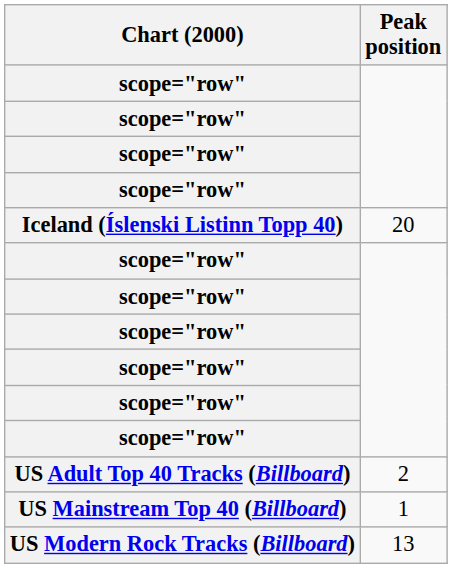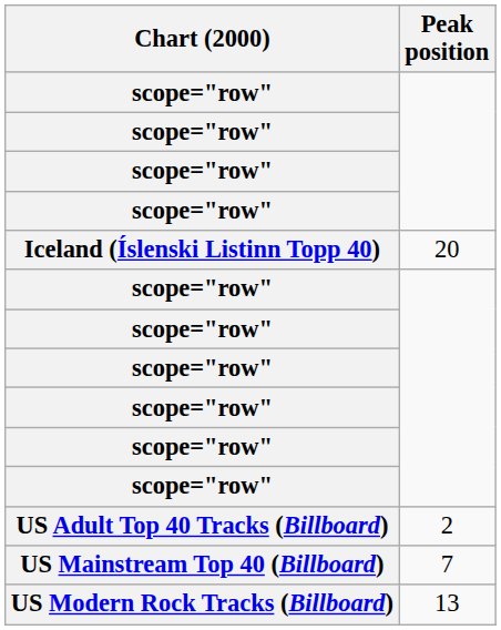 <table class="wikitable sortable plainrowheaders" style="text-align:center">
 <tr>
 <th scope="col">Chart (2000)</th>
 <th scope="col">Peak<br>position</th>
 </tr>
 <tr>
 <th>scope="row"</th>
 </tr>
 <tr>
 <th>scope="row"</th>
 </tr>
 <tr>
 <th>scope="row"</th>
 </tr>
 <tr>
 <th>scope="row"</th>
 </tr>
 <tr>
 <th scope="row">Iceland (<a href='#'>Íslenski Listinn Topp 40</a>)</th>
 <td>20</td>
 </tr>
 <tr>
 <th>scope="row"</th>
 </tr>
 <tr>
 <th>scope="row"</th>
 </tr>
 <tr>
 <th>scope="row"</th>
 </tr>
 <tr>
 <th>scope="row"</th>
 </tr>
 <tr>
 <th>scope="row"</th>
 </tr>
 <tr>
 <th>scope="row"</th>
 </tr>
 <tr>
 <th scope="row">US <a href='#'>Adult Top 40 Tracks</a> (<em><a href='#'>Billboard</a></em>)</th>
 <td>2</td>
 </tr>
 <tr>
 <th scope="row">US <a href='#'>Mainstream Top 40</a> (<em><a href='#'>Billboard</a></em>)</th>
-<td>1</td>
+<td>7</td>
 </tr>
 <tr>
 <th scope="row">US <a href='#'>Modern Rock Tracks</a> (<em><a href='#'>Billboard</a></em>)</th>
 <td>13</td>
 </tr>
 </table>
